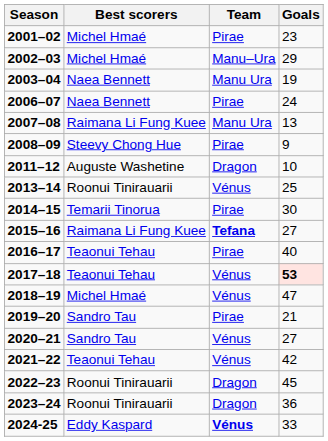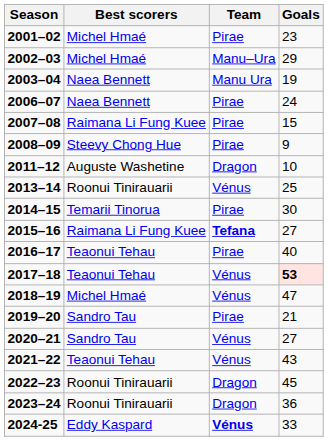 <table class="wikitable" style="text–align:center;">
 <tr>
 <th>Season</th>
 <th>Best scorers</th>
 <th>Team</th>
 <th>Goals</th>
 </tr>
 <tr>
 <td><strong>2001–02</strong></td>
 <td align=left> <a href='#'>Michel Hmaé</a></td>
 <td><a href='#'>Pirae</a></td>
 <td>23</td>
 </tr>
 <tr>
 <td><strong>2002–03</strong></td>
 <td align=left> <a href='#'>Michel Hmaé</a></td>
 <td><a href='#'>Manu–Ura</a></td>
 <td>29</td>
 </tr>
 <tr>
 <td><strong>2003–04</strong></td>
 <td align=left> <a href='#'>Naea Bennett</a></td>
 <td><a href='#'>Manu Ura</a></td>
 <td>19</td>
 </tr>
 <tr>
 <td><strong>2006–07</strong></td>
 <td align=left> <a href='#'>Naea Bennett</a></td>
 <td><a href='#'>Pirae</a></td>
 <td>24</td>
 </tr>
 <tr>
 <td><strong>2007–08</strong></td>
 <td align=left> <a href='#'>Raimana Li Fung Kuee</a></td>
-<td><a href='#'>Manu Ura</a></td>
-<td>13</td>
+<td><a href='#'>Pirae</a></td>
+<td>15</td>
 </tr>
 <tr>
 <td><strong>2008–09</strong></td>
 <td align=left> <a href='#'>Steevy Chong Hue</a></td>
 <td><a href='#'>Pirae</a></td>
 <td>9</td>
 </tr>
 <tr>
 <td><strong>2011–12</strong></td>
 <td align=left> Auguste Washetine</td>
 <td><a href='#'>Dragon</a></td>
 <td>10</td>
 </tr>
 <tr>
 <td><strong>2013–14</strong></td>
 <td align=left> Roonui Tinirauarii</td>
 <td><a href='#'>Vénus</a></td>
 <td>25</td>
 </tr>
 <tr>
 <td><strong>2014–15</strong></td>
 <td align=left> <a href='#'>Temarii Tinorua</a></td>
 <td><a href='#'>Pirae</a></td>
 <td>30</td>
 </tr>
 <tr>
 <td><strong>2015–16</strong></td>
 <td align=left> <a href='#'>Raimana Li Fung Kuee</a></td>
 <td><strong><a href='#'>Tefana</a></strong></td>
 <td>27</td>
 </tr>
 <tr>
 <td><strong>2016–17</strong></td>
 <td align=left> <a href='#'>Teaonui Tehau</a></td>
 <td><a href='#'>Pirae</a></td>
 <td>40</td>
 </tr>
 <tr>
 <td><strong>2017–18</strong></td>
 <td align=left> <a href='#'>Teaonui Tehau</a></td>
 <td><a href='#'>Vénus</a></td>
 <td bgcolor=mistyrose><strong>53</strong></td>
 </tr>
 <tr>
 <td><strong>2018–19</strong></td>
 <td align=left> <a href='#'>Michel Hmaé</a></td>
 <td><a href='#'>Vénus</a></td>
 <td>47</td>
 </tr>
 <tr>
 <td><strong>2019–20</strong></td>
 <td align=left> <a href='#'>Sandro Tau</a></td>
 <td><a href='#'>Pirae</a></td>
 <td>21</td>
 </tr>
 <tr>
 <td><strong>2020–21</strong></td>
 <td align=left> <a href='#'>Sandro Tau</a></td>
 <td><a href='#'>Vénus</a></td>
 <td>27</td>
 </tr>
 <tr>
 <td><strong>2021–22</strong></td>
 <td align=left> <a href='#'>Teaonui Tehau</a></td>
 <td><a href='#'>Vénus</a></td>
-<td>42</td>
+<td>43</td>
 </tr>
 <tr>
 <td><strong>2022–23</strong></td>
 <td align=left> Roonui Tinirauarii</td>
 <td><a href='#'>Dragon</a></td>
 <td>45</td>
 </tr>
 <tr>
 <td><strong>2023–24</strong></td>
 <td align=left> Roonui Tinirauarii</td>
 <td><a href='#'>Dragon</a></td>
 <td>36</td>
 </tr>
 <tr>
 <td><strong>2024-25</strong></td>
 <td align=left> <a href='#'>Eddy Kaspard</a></td>
 <td><strong><a href='#'>Vénus</a></strong></td>
 <td>33</td>
 </tr>
 </table>
